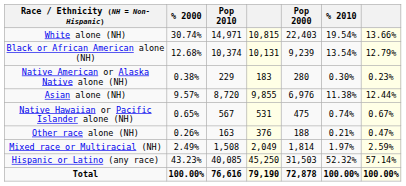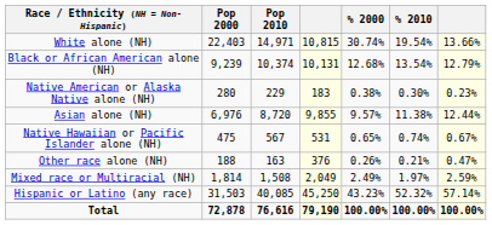 <table class="wikitable" style="text-align:center;">
 <tr>
 <th>Race / Ethnicity <small>(<em>NH = Non-Hispanic</em>)</small></th>
-<th>% 2000</th>
+<th>Pop 2000</th>
 <th>Pop 2010</th>
 <th></th>
-<th>Pop 2000</th>
+<th>% 2000</th>
 <th>% 2010</th>
 <th></th>
 </tr>
 <tr>
 <td><a href='#'>White</a> alone (NH)</td>
-<td>30.74%</td>
+<td>22,403</td>
 <td>14,971</td>
 <td style='background: #ffffe6;'>10,815</td>
-<td>22,403</td>
+<td>30.74%</td>
 <td>19.54%</td>
 <td style='background: #ffffe6;'>13.66%</td>
 </tr>
 <tr>
 <td><a href='#'>Black or African American</a> alone (NH)</td>
-<td>12.68%</td>
+<td>9,239</td>
 <td>10,374</td>
 <td style='background: #ffffe6;'>10,131</td>
-<td>9,239</td>
+<td>12.68%</td>
 <td>13.54%</td>
 <td style='background: #ffffe6;'>12.79%</td>
 </tr>
 <tr>
 <td><a href='#'>Native American</a> or <a href='#'>Alaska Native</a> alone (NH)</td>
-<td>0.38%</td>
+<td>280</td>
 <td>229</td>
 <td style='background: #ffffe6;'>183</td>
-<td>280</td>
+<td>0.38%</td>
 <td>0.30%</td>
 <td style='background: #ffffe6;'>0.23%</td>
 </tr>
 <tr>
 <td><a href='#'>Asian</a> alone (NH)</td>
-<td>9.57%</td>
+<td>6,976</td>
 <td>8,720</td>
 <td style='background: #ffffe6;'>9,855</td>
-<td>6,976</td>
+<td>9.57%</td>
 <td>11.38%</td>
 <td style='background: #ffffe6;'>12.44%</td>
 </tr>
 <tr>
 <td><a href='#'>Native Hawaiian</a> or <a href='#'>Pacific Islander</a> alone (NH)</td>
-<td>0.65%</td>
+<td>475</td>
 <td>567</td>
 <td style='background: #ffffe6;'>531</td>
-<td>475</td>
+<td>0.65%</td>
 <td>0.74%</td>
 <td style='background: #ffffe6;'>0.67%</td>
 </tr>
 <tr>
 <td><a href='#'>Other race</a> alone (NH)</td>
-<td>0.26%</td>
+<td>188</td>
 <td>163</td>
 <td style='background: #ffffe6;'>376</td>
-<td>188</td>
+<td>0.26%</td>
 <td>0.21%</td>
 <td style='background: #ffffe6;'>0.47%</td>
 </tr>
 <tr>
 <td><a href='#'>Mixed race or Multiracial</a> (NH)</td>
-<td>2.49%</td>
+<td>1,814</td>
 <td>1,508</td>
 <td style='background: #ffffe6;'>2,049</td>
-<td>1,814</td>
+<td>2.49%</td>
 <td>1.97%</td>
 <td style='background: #ffffe6;'>2.59%</td>
 </tr>
 <tr>
 <td><a href='#'>Hispanic or Latino</a> (any race)</td>
-<td>43.23%</td>
+<td>31,503</td>
 <td>40,085</td>
 <td style='background: #ffffe6;'>45,250</td>
-<td>31,503</td>
+<td>43.23%</td>
 <td>52.32%</td>
 <td style='background: #ffffe6;'>57.14%</td>
 </tr>
 <tr>
 <td><strong>Total</strong></td>
-<td><strong>100.00%</strong></td>
+<td><strong>72,878</strong></td>
 <td><strong>76,616</strong></td>
 <td style='background: #ffffe6;'><strong>79,190</strong></td>
-<td><strong>72,878</strong></td>
+<td><strong>100.00%</strong></td>
 <td><strong>100.00%</strong></td>
 <td style='background: #ffffe6;'><strong>100.00%</strong></td>
 </tr>
 </table>
